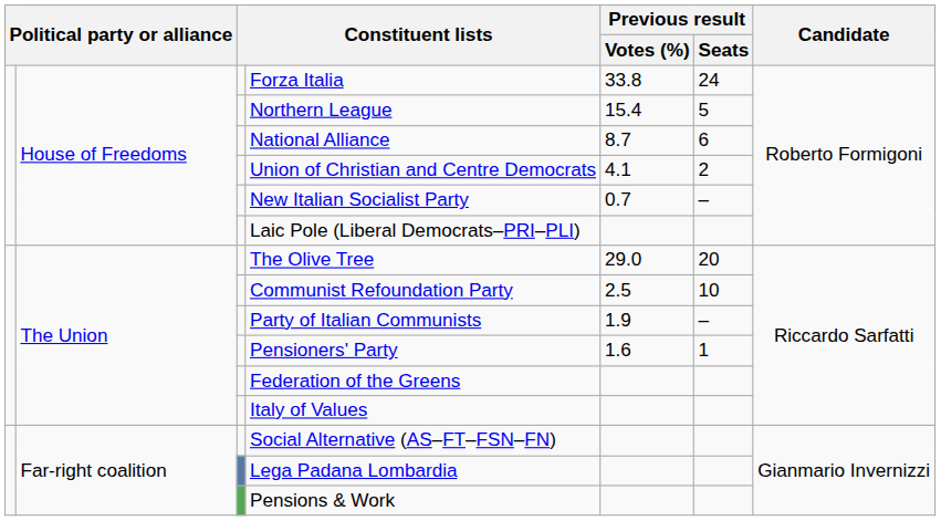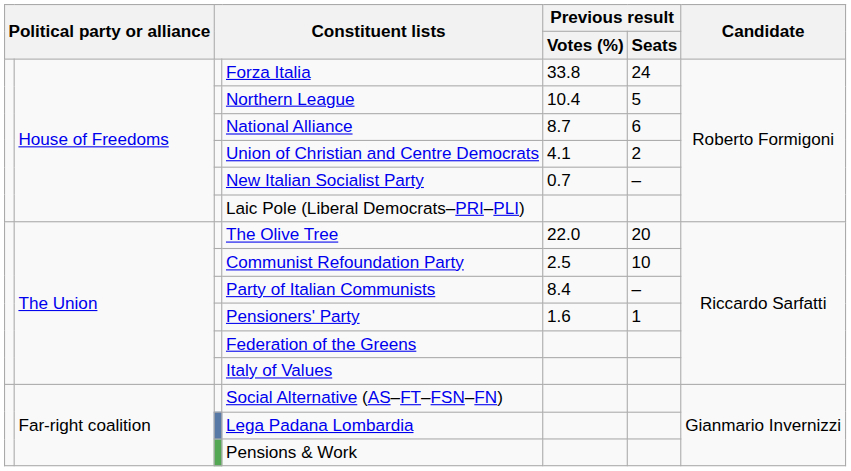 <table class="wikitable" style="text-align:left">
 <tr>
 <th colspan=2 rowspan="2">Political party or alliance</th>
 <th colspan=2 rowspan="2">Constituent lists</th>
 <th colspan="2">Previous result</th>
 <th rowspan="2">Candidate</th>
 </tr>
 <tr>
 <th>Votes (%)</th>
 <th>Seats</th>
 </tr>
 <tr>
 <td rowspan="6" style="background:"></td>
 <td rowspan=6><a href='#'>House of Freedoms</a></td>
 <td></td>
 <td style="text-align:left;"><a href='#'>Forza Italia</a></td>
 <td>33.8</td>
 <td>24</td>
 <td rowspan="6" style="text-align: center;">Roberto Formigoni</td>
 </tr>
 <tr>
 <td></td>
 <td style="text-align:left;"><a href='#'>Northern League</a></td>
-<td>15.4</td>
+<td>10.4</td>
 <td>5</td>
 </tr>
 <tr>
 <td></td>
 <td style="text-align:left;"><a href='#'>National Alliance</a></td>
 <td>8.7</td>
 <td>6</td>
 </tr>
 <tr>
 <td></td>
 <td style="text-align:left;"><a href='#'>Union of Christian and Centre Democrats</a></td>
 <td>4.1</td>
 <td>2</td>
 </tr>
 <tr>
 <td></td>
 <td style="text-align:left;"><a href='#'>New Italian Socialist Party</a></td>
 <td>0.7</td>
 <td>–</td>
 </tr>
 <tr>
 <td></td>
 <td style="text-align:left;">Laic Pole (Liberal Democrats–<a href='#'>PRI</a>–<a href='#'>PLI</a>)</td>
 <td></td>
 <td></td>
 </tr>
 <tr>
 <td rowspan="6"></td>
 <td rowspan="6"><a href='#'>The Union</a></td>
 <td></td>
 <td style="text-align:left;"><a href='#'>The Olive Tree</a></td>
-<td>29.0</td>
+<td>22.0</td>
 <td>20</td>
 <td rowspan="6" style="text-align: center;">Riccardo Sarfatti</td>
 </tr>
 <tr>
 <td></td>
 <td><a href='#'>Communist Refoundation Party</a></td>
 <td>2.5</td>
 <td>10</td>
 </tr>
 <tr>
 <td></td>
 <td style="text-align:left;"><a href='#'>Party of Italian Communists</a></td>
-<td>1.9</td>
+<td>8.4</td>
 <td>–</td>
 </tr>
 <tr>
 <td></td>
 <td style="text-align:left;"><a href='#'>Pensioners' Party</a></td>
 <td>1.6</td>
 <td>1</td>
 </tr>
 <tr>
 <td></td>
 <td><a href='#'>Federation of the Greens</a></td>
 <td></td>
 <td></td>
 </tr>
 <tr>
 <td></td>
 <td style="text-align:left;"><a href='#'>Italy of Values</a></td>
 <td></td>
 <td></td>
 </tr>
 <tr>
 <td rowspan="3"></td>
 <td rowspan="3">Far-right coalition</td>
 <td></td>
 <td style="text-align:left;"><a href='#'>Social Alternative</a> (<a href='#'>AS</a>–<a href='#'>FT</a>–<a href='#'>FSN</a>–<a href='#'>FN</a>)</td>
 <td></td>
 <td></td>
 <td rowspan="3" style="text-align: center;">Gianmario Invernizzi</td>
 </tr>
 <tr>
 <td bgcolor="#567AA5"></td>
 <td><a href='#'>Lega Padana Lombardia</a></td>
 <td></td>
 <td></td>
 </tr>
 <tr>
 <td bgcolor="#53A853"></td>
 <td>Pensions & Work</td>
 <td></td>
 <td></td>
 </tr>
 </table>
